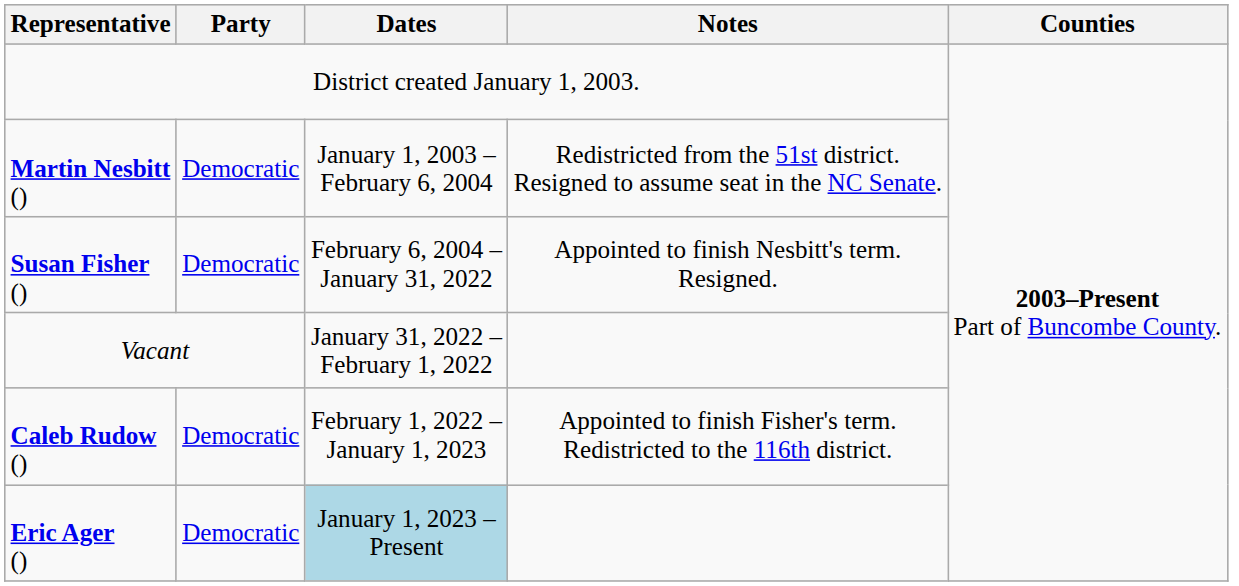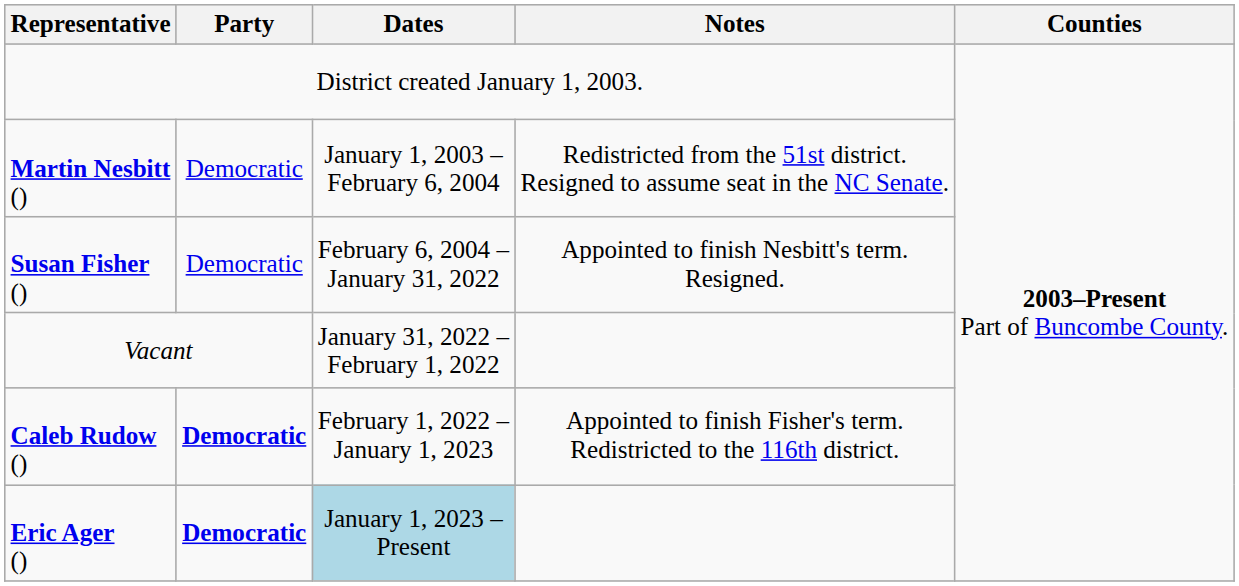 <table class=wikitable style="text-align:center">
 <tr>
 <th>Representative</th>
 <th>Party</th>
 <th>Dates</th>
 <th>Notes</th>
 <th>Counties</th>
 </tr>
 <tr style="height:3em">
 <td colspan=4>District created January 1, 2003.</td>
 <td rowspan=7><strong>2003–Present</strong> <br> Part of <a href='#'>Buncombe County</a>.</td>
 </tr>
 <tr style="height:3em">
 <td align=left><br><strong><a href='#'>Martin Nesbitt</a></strong><br>()</td>
 <td><a href='#'>Democratic</a></td>
 <td nowrap>January 1, 2003 – <br> February 6, 2004</td>
 <td>Redistricted from the <a href='#'>51st</a> district. <br> Resigned to assume seat in the <a href='#'>NC Senate</a>.</td>
 </tr>
 <tr style="height:3em">
 <td align=left><br><strong><a href='#'>Susan Fisher</a></strong><br>()</td>
 <td><a href='#'>Democratic</a></td>
 <td nowrap>February 6, 2004 – <br> January 31, 2022</td>
 <td>Appointed to finish Nesbitt's term. <br> Resigned.</td>
 </tr>
 <tr style="height:3em">
 <td colspan=2><em>Vacant</em></td>
 <td nowrap>January 31, 2022 – <br> February 1, 2022</td>
 <td></td>
 </tr>
 <tr style="height:3em">
 <td align=left><br><strong><a href='#'>Caleb Rudow</a></strong><br>()</td>
-<td><a href='#'>Democratic</a></td>
+<td><strong><a href='#'>Democratic</a></strong></td>
 <td nowrap>February 1, 2022 – <br> January 1, 2023</td>
 <td>Appointed to finish Fisher's term. <br> Redistricted to the <a href='#'>116th</a> district.</td>
 </tr>
 <tr style="height:3em">
 <td align=left><br><strong><a href='#'>Eric Ager</a></strong><br>()</td>
-<td><a href='#'>Democratic</a></td>
+<td><strong><a href='#'>Democratic</a></strong></td>
 <td nowrap style="background: lightblue;">January 1, 2023 – <br> Present</td>
 <td></td>
 </tr>
 </table>
